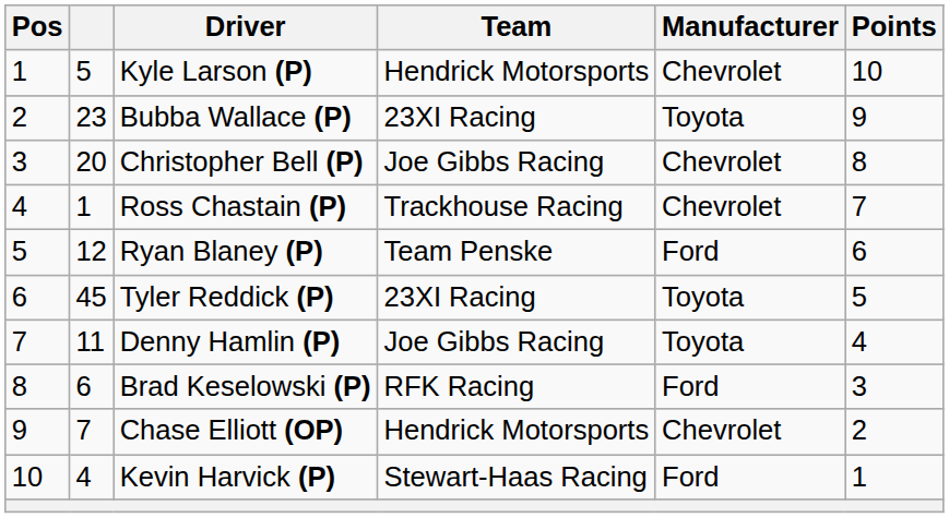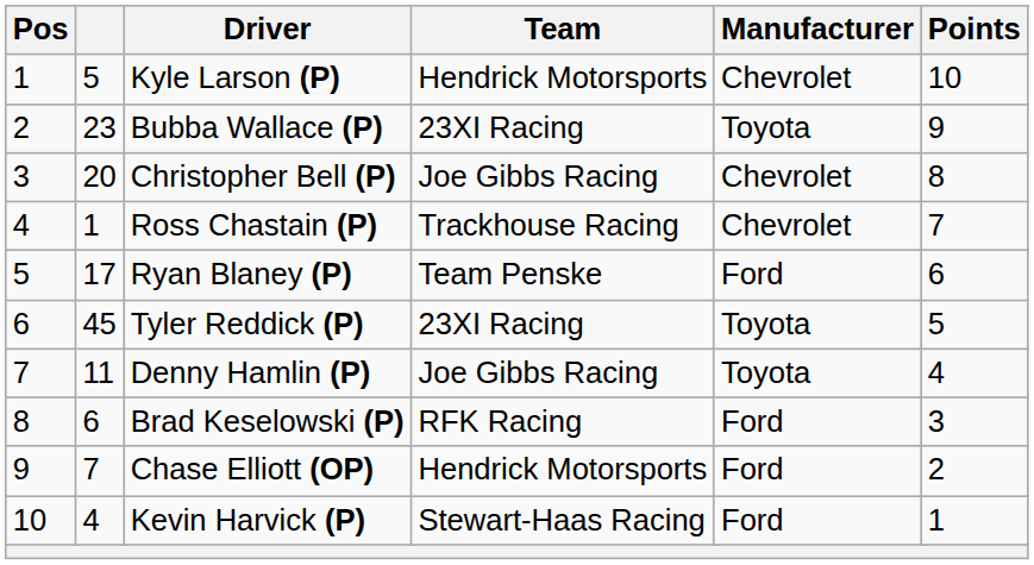 <table class="wikitable" style="font-size:98%">
 <tr>
 <th>Pos</th>
 <th></th>
 <th>Driver</th>
 <th>Team</th>
 <th>Manufacturer</th>
 <th>Points</th>
 </tr>
 <tr>
 <td>1</td>
 <td>5</td>
 <td>Kyle Larson <strong>(P)</strong></td>
 <td>Hendrick Motorsports</td>
 <td>Chevrolet</td>
 <td>10</td>
 </tr>
 <tr>
 <td>2</td>
 <td>23</td>
 <td>Bubba Wallace <strong>(P)</strong></td>
 <td>23XI Racing</td>
 <td>Toyota</td>
 <td>9</td>
 </tr>
 <tr>
 <td>3</td>
 <td>20</td>
 <td>Christopher Bell <strong>(P)</strong></td>
 <td>Joe Gibbs Racing</td>
 <td>Chevrolet</td>
 <td>8</td>
 </tr>
 <tr>
 <td>4</td>
 <td>1</td>
 <td>Ross Chastain <strong>(P)</strong></td>
 <td>Trackhouse Racing</td>
 <td>Chevrolet</td>
 <td>7</td>
 </tr>
 <tr>
 <td>5</td>
-<td>12</td>
+<td>17</td>
 <td>Ryan Blaney <strong>(P)</strong></td>
 <td>Team Penske</td>
 <td>Ford</td>
 <td>6</td>
 </tr>
 <tr>
 <td>6</td>
 <td>45</td>
 <td>Tyler Reddick <strong>(P)</strong></td>
 <td>23XI Racing</td>
 <td>Toyota</td>
 <td>5</td>
 </tr>
 <tr>
 <td>7</td>
 <td>11</td>
 <td>Denny Hamlin <strong>(P)</strong></td>
 <td>Joe Gibbs Racing</td>
 <td>Toyota</td>
 <td>4</td>
 </tr>
 <tr>
 <td>8</td>
 <td>6</td>
 <td>Brad Keselowski <strong>(P)</strong></td>
 <td>RFK Racing</td>
 <td>Ford</td>
 <td>3</td>
 </tr>
 <tr>
 <td>9</td>
 <td>7</td>
 <td>Chase Elliott <strong>(OP)</strong></td>
 <td>Hendrick Motorsports</td>
-<td>Chevrolet</td>
+<td>Ford</td>
 <td>2</td>
 </tr>
 <tr>
 <td>10</td>
 <td>4</td>
 <td>Kevin Harvick <strong>(P)</strong></td>
 <td>Stewart-Haas Racing</td>
 <td>Ford</td>
 <td>1</td>
 </tr>
 <tr>
 <th colspan="6"></th>
 </tr>
 </table>
